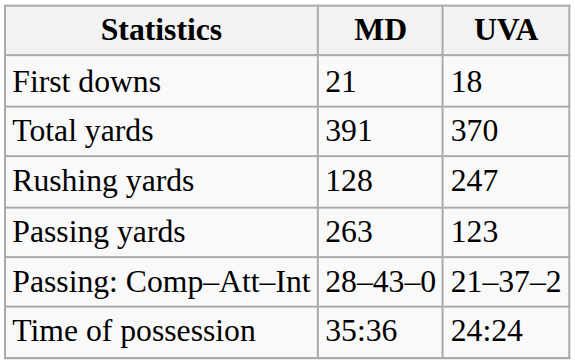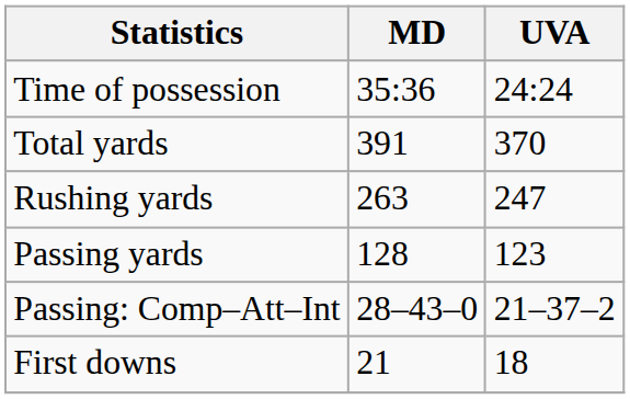 <table class="wikitable" style="float: left;">
 <tr>
 <th>Statistics</th>
 <th>MD</th>
 <th>UVA</th>
 </tr>
 <tr>
-<td>First downs</td>
-<td>21</td>
-<td>18</td>
+<td>Time of possession</td>
+<td>35:36</td>
+<td>24:24</td>
 </tr>
 <tr>
 <td>Total yards</td>
 <td>391</td>
 <td>370</td>
 </tr>
 <tr>
 <td>Rushing yards</td>
-<td>128</td>
+<td>263</td>
 <td>247</td>
 </tr>
 <tr>
 <td>Passing yards</td>
-<td>263</td>
+<td>128</td>
 <td>123</td>
 </tr>
 <tr>
 <td>Passing: Comp–Att–Int</td>
 <td>28–43–0</td>
 <td>21–37–2</td>
 </tr>
 <tr>
-<td>Time of possession</td>
-<td>35:36</td>
-<td>24:24</td>
+<td>First downs</td>
+<td>21</td>
+<td>18</td>
 </tr>
 <tr>
 </tr>
 </table>
